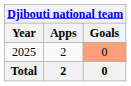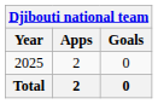 <table class="wikitable" style="text-align:center">
 <tr>
 <th colspan=3><a href='#'>Djibouti national team</a></th>
 </tr>
 <tr>
 <th>Year</th>
 <th>Apps</th>
 <th>Goals</th>
 </tr>
 <tr>
 <td>2025</td>
 <td>2</td>
-<td style="background: lightsalmon;">0</td>
+<td>0</td>
 </tr>
 <tr>
 <th>Total</th>
 <th>2</th>
 <th>0</th>
 </tr>
 </table>
